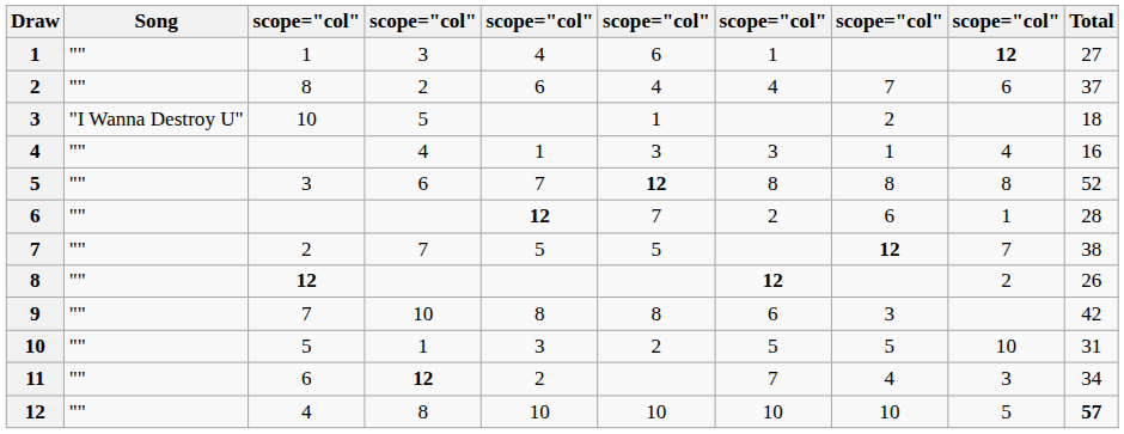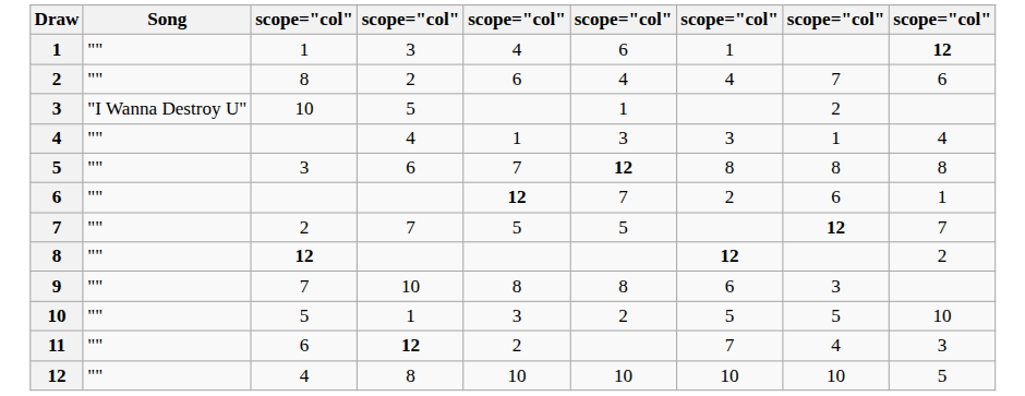 <table class="wikitable collapsible plainrowheaders" style="margin: 1em auto 1em auto; text-align:center">
 <tr>
 <th>Draw</th>
 <th>Song</th>
 <th>scope="col" </th>
 <th>scope="col" </th>
 <th>scope="col" </th>
 <th>scope="col" </th>
 <th>scope="col" </th>
 <th>scope="col" </th>
 <th>scope="col" </th>
-<th>Total</th>
 </tr>
 <tr>
 <th scope="row" style="text-align:center">1</th>
 <td align="left">""</td>
 <td>1</td>
 <td>3</td>
 <td>4</td>
 <td>6</td>
 <td>1</td>
 <td></td>
 <td><strong>12</strong></td>
-<td>27</td>
 </tr>
 <tr>
 <th scope="row" style="text-align:center">2</th>
 <td align="left">""</td>
 <td>8</td>
 <td>2</td>
 <td>6</td>
 <td>4</td>
 <td>4</td>
 <td>7</td>
 <td>6</td>
-<td>37</td>
 </tr>
 <tr>
 <th scope="row" style="text-align:center">3</th>
 <td align="left">"I Wanna Destroy U"</td>
 <td>10</td>
 <td>5</td>
 <td></td>
 <td>1</td>
 <td></td>
 <td>2</td>
 <td></td>
-<td>18</td>
 </tr>
 <tr>
 <th scope="row" style="text-align:center">4</th>
 <td align="left">""</td>
 <td></td>
 <td>4</td>
 <td>1</td>
 <td>3</td>
 <td>3</td>
 <td>1</td>
 <td>4</td>
-<td>16</td>
 </tr>
 <tr>
 <th scope="row" style="text-align:center">5</th>
 <td align="left">""</td>
 <td>3</td>
 <td>6</td>
 <td>7</td>
 <td><strong>12</strong></td>
 <td>8</td>
 <td>8</td>
 <td>8</td>
-<td>52</td>
 </tr>
 <tr>
 <th scope="row" style="text-align:center">6</th>
 <td align="left">""</td>
 <td></td>
 <td></td>
 <td><strong>12</strong></td>
 <td>7</td>
 <td>2</td>
 <td>6</td>
 <td>1</td>
-<td>28</td>
 </tr>
 <tr>
 <th scope="row" style="text-align:center">7</th>
 <td align="left">""</td>
 <td>2</td>
 <td>7</td>
 <td>5</td>
 <td>5</td>
 <td></td>
 <td><strong>12</strong></td>
 <td>7</td>
-<td>38</td>
 </tr>
 <tr>
 <th scope="row" style="text-align:center">8</th>
 <td align="left">""</td>
 <td><strong>12</strong></td>
 <td></td>
 <td></td>
 <td></td>
 <td><strong>12</strong></td>
 <td></td>
 <td>2</td>
-<td>26</td>
 </tr>
 <tr>
 <th scope="row" style="text-align:center">9</th>
 <td align="left">""</td>
 <td>7</td>
 <td>10</td>
 <td>8</td>
 <td>8</td>
 <td>6</td>
 <td>3</td>
 <td></td>
-<td>42</td>
 </tr>
 <tr>
 <th scope="row" style="text-align:center">10</th>
 <td align="left">""</td>
 <td>5</td>
 <td>1</td>
 <td>3</td>
 <td>2</td>
 <td>5</td>
 <td>5</td>
 <td>10</td>
-<td>31</td>
 </tr>
 <tr>
 <th scope="row" style="text-align:center">11</th>
 <td align="left">""</td>
 <td>6</td>
 <td><strong>12</strong></td>
 <td>2</td>
 <td></td>
 <td>7</td>
 <td>4</td>
 <td>3</td>
-<td>34</td>
 </tr>
 <tr>
 <th scope="row" style="text-align:center">12</th>
 <td align="left">""</td>
 <td>4</td>
 <td>8</td>
 <td>10</td>
 <td>10</td>
 <td>10</td>
 <td>10</td>
 <td>5</td>
-<td><strong>57</strong></td>
 </tr>
 </table>
